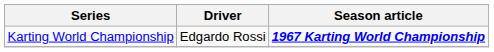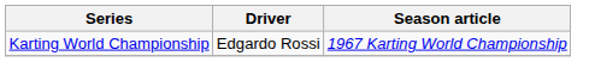 <table class="wikitable" style="font-size: 87%;">
 <tr>
 <th>Series</th>
 <th>Driver</th>
 <th>Season article</th>
 </tr>
 <tr>
 <td><a href='#'>Karting World Championship</a></td>
 <td> Edgardo Rossi</td>
-<td><strong><em><a href='#'>1967 Karting World Championship</a></em></strong></td>
+<td><em><a href='#'>1967 Karting World Championship</a></em></td>
 </tr>
 <tr>
 </tr>
 </table>
